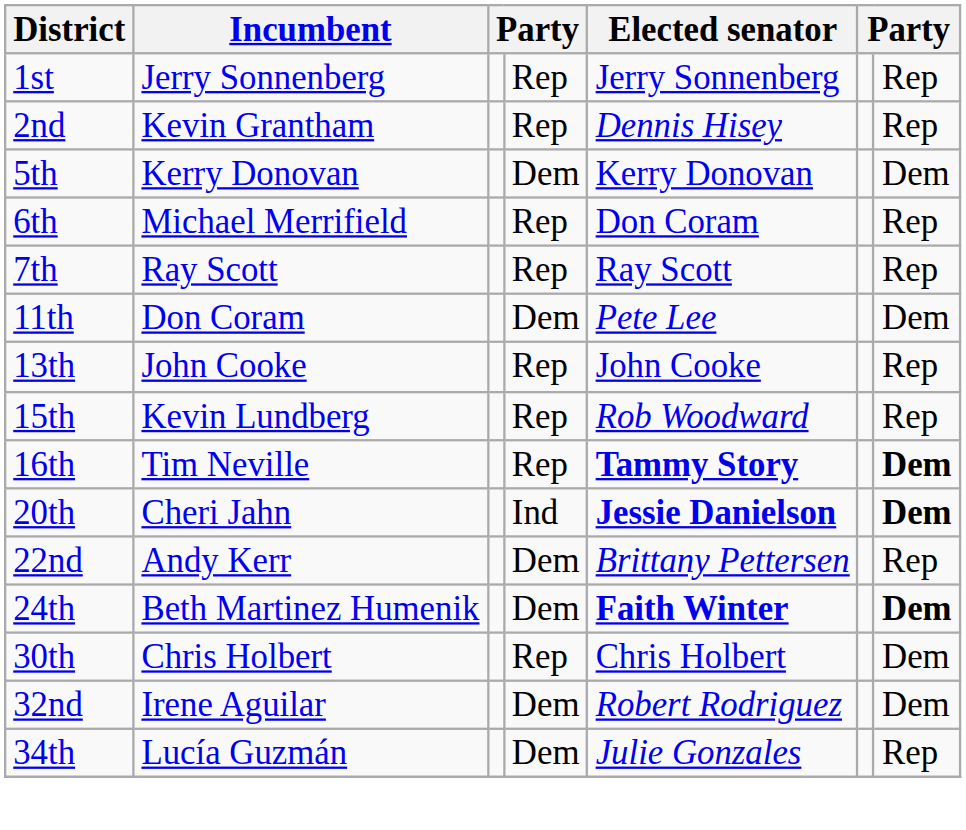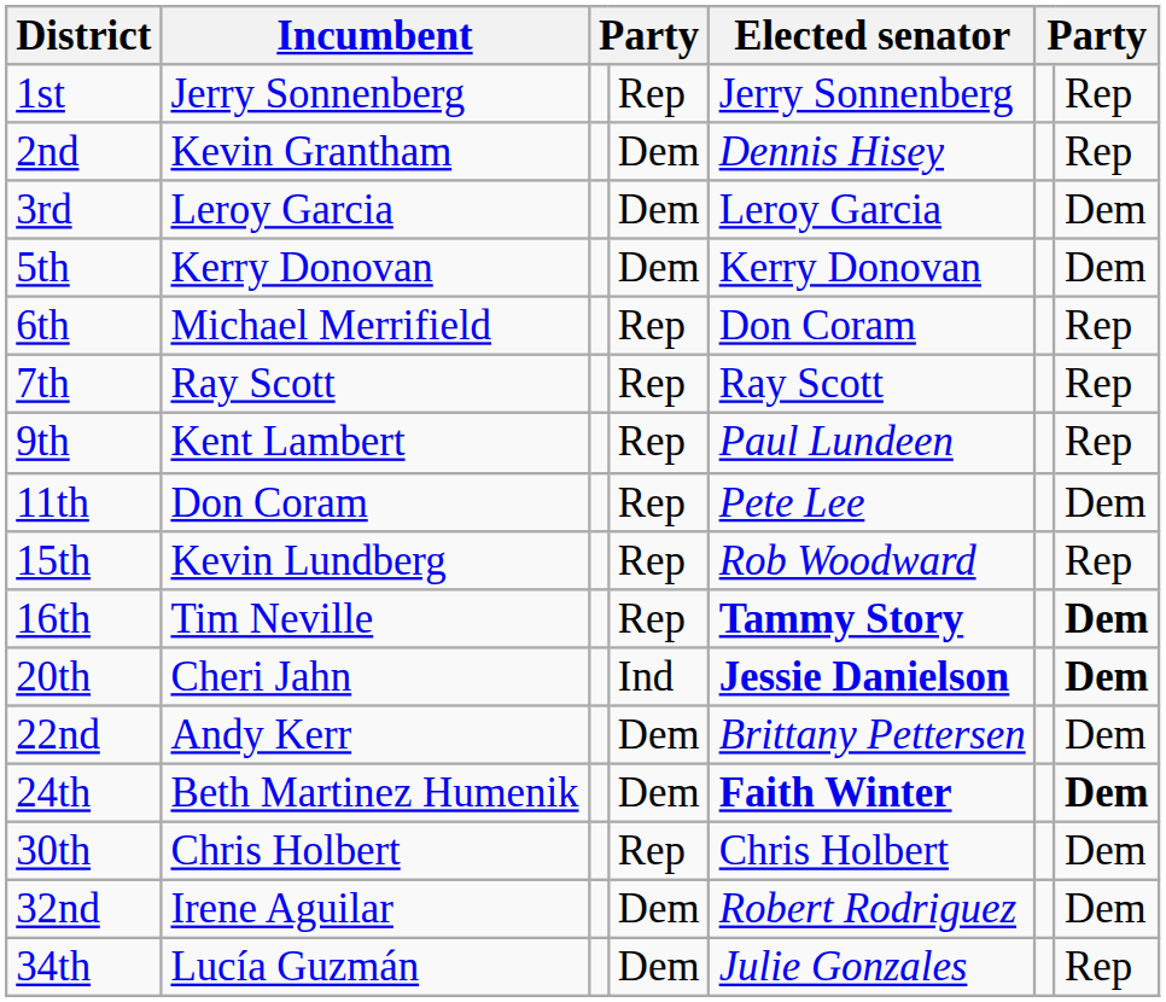 <table class="sortable wikitable" style="font-size:95%;line-height:14px;">
 <tr>
 <th>District</th>
 <th class="unsortable"><a href='#'>Incumbent</a></th>
 <th colspan="2">Party</th>
 <th class="unsortable">Elected senator</th>
 <th colspan="2">Party</th>
 </tr>
 <tr>
 <td><a href='#'>1st</a></td>
 <td><a href='#'>Jerry Sonnenberg</a></td>
 <td style="background:"></td>
 <td>Rep</td>
 <td><a href='#'>Jerry Sonnenberg</a></td>
 <td style="background:"></td>
 <td>Rep</td>
 </tr>
 <tr>
 <td><a href='#'>2nd</a></td>
 <td><a href='#'>Kevin Grantham</a></td>
 <td style="background:"></td>
-<td>Rep</td>
+<td>Dem</td>
 <td><em><a href='#'>Dennis Hisey</a></em></td>
 <td style="background:"></td>
 <td>Rep</td>
+</tr>
+<tr>
+<td><a href='#'>3rd</a></td>
+<td><a href='#'>Leroy Garcia</a></td>
+<td style="background:"></td>
+<td>Dem</td>
+<td><a href='#'>Leroy Garcia</a></td>
+<td style="background:"></td>
+<td>Dem</td>
 </tr>
 <tr>
 <td><a href='#'>5th</a></td>
 <td><a href='#'>Kerry Donovan</a></td>
 <td style="background:"></td>
 <td>Dem</td>
 <td><a href='#'>Kerry Donovan</a></td>
 <td style="background:"></td>
 <td>Dem</td>
 </tr>
 <tr>
 <td><a href='#'>6th</a></td>
 <td><a href='#'>Michael Merrifield</a></td>
 <td style="background:"></td>
 <td>Rep</td>
 <td><a href='#'>Don Coram</a></td>
 <td style="background:"></td>
 <td>Rep</td>
 </tr>
 <tr>
 <td><a href='#'>7th</a></td>
 <td><a href='#'>Ray Scott</a></td>
 <td style="background:"></td>
 <td>Rep</td>
 <td><a href='#'>Ray Scott</a></td>
 <td style="background:"></td>
 <td>Rep</td>
 </tr>
 <tr>
+<td><a href='#'>9th</a></td>
+<td><a href='#'>Kent Lambert</a></td>
+<td style="background:"></td>
+<td>Rep</td>
+<td><em><a href='#'>Paul Lundeen</a></em></td>
+<td style="background:"></td>
+<td>Rep</td>
+</tr>
+<tr>
 <td><a href='#'>11th</a></td>
 <td><a href='#'>Don Coram</a></td>
 <td style="background:"></td>
-<td>Dem</td>
+<td>Rep</td>
 <td><em><a href='#'>Pete Lee</a></em></td>
 <td style="background:"></td>
 <td>Dem</td>
-</tr>
-<tr>
-<td><a href='#'>13th</a></td>
-<td><a href='#'>John Cooke</a></td>
-<td style="background:"></td>
-<td>Rep</td>
-<td><a href='#'>John Cooke</a></td>
-<td style="background:"></td>
-<td>Rep</td>
 </tr>
 <tr>
 <td><a href='#'>15th</a></td>
 <td><a href='#'>Kevin Lundberg</a></td>
 <td style="background:"></td>
 <td>Rep</td>
 <td><em><a href='#'>Rob Woodward</a></em></td>
 <td style="background:"></td>
 <td>Rep</td>
 </tr>
 <tr>
 <td><a href='#'>16th</a></td>
 <td><a href='#'>Tim Neville</a></td>
 <td style="background:"></td>
 <td>Rep</td>
 <td><strong><a href='#'>Tammy Story</a></strong></td>
 <td style="background:"></td>
 <td><strong>Dem</strong></td>
 </tr>
 <tr>
 <td><a href='#'>20th</a></td>
 <td><a href='#'>Cheri Jahn</a></td>
 <td style="background:"></td>
 <td>Ind</td>
 <td><strong><a href='#'>Jessie Danielson</a></strong></td>
 <td style="background:"></td>
 <td><strong>Dem</strong></td>
 </tr>
 <tr>
 <td><a href='#'>22nd</a></td>
 <td><a href='#'>Andy Kerr</a></td>
 <td style="background:"></td>
 <td>Dem</td>
 <td><em><a href='#'>Brittany Pettersen</a></em></td>
 <td style="background:"></td>
-<td>Rep</td>
+<td>Dem</td>
 </tr>
 <tr>
 <td><a href='#'>24th</a></td>
 <td><a href='#'>Beth Martinez Humenik</a></td>
 <td style="background:"></td>
 <td>Dem</td>
 <td><strong><a href='#'>Faith Winter</a></strong></td>
 <td style="background:"></td>
 <td><strong>Dem</strong></td>
 </tr>
 <tr>
 <td><a href='#'>30th</a></td>
 <td><a href='#'>Chris Holbert</a></td>
 <td style="background:"></td>
 <td>Rep</td>
 <td><a href='#'>Chris Holbert</a></td>
 <td style="background:"></td>
 <td>Dem</td>
 </tr>
 <tr>
 <td><a href='#'>32nd</a></td>
 <td><a href='#'>Irene Aguilar</a></td>
 <td style="background:"></td>
 <td>Dem</td>
 <td><em><a href='#'>Robert Rodriguez</a></em></td>
 <td style="background:"></td>
 <td>Dem</td>
 </tr>
 <tr>
 <td><a href='#'>34th</a></td>
 <td><a href='#'>Lucía Guzmán</a></td>
 <td style="background:"></td>
 <td>Dem</td>
 <td><em><a href='#'>Julie Gonzales</a></em></td>
 <td style="background:"></td>
 <td>Rep</td>
 </tr>
 <tr>
 </tr>
 </table>
